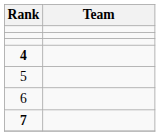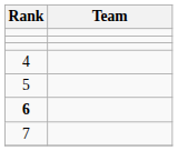 <table class=wikitable style="text-align:center;">
 <tr>
 <th>Rank</th>
 <th width=125>Team</th>
 </tr>
 <tr>
 <td></td>
 <td align=left></td>
 </tr>
 <tr>
 <td></td>
 <td align=left></td>
 </tr>
 <tr>
 <td></td>
 <td align=left></td>
 </tr>
 <tr>
-<td><strong>4</strong></td>
+<td>4</td>
 <td align=left></td>
 </tr>
 <tr>
 <td>5</td>
 <td align=left></td>
 </tr>
 <tr>
-<td>6</td>
+<td><strong>6</strong></td>
 <td align=left></td>
 </tr>
 <tr>
-<td><strong>7</strong></td>
+<td>7</td>
 <td align=left></td>
 </tr>
 <tr>
 </tr>
 </table>
